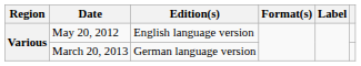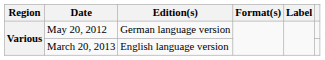 <table class="wikitable plainrowheaders">
 <tr>
 <th scope="col">Region</th>
 <th scope="col">Date</th>
 <th scope="col">Edition(s)</th>
 <th scope="col">Format(s)</th>
 <th scope="col">Label</th>
 <th scope="col"></th>
 </tr>
 <tr>
 <th rowspan="2" scope="row">Various</th>
 <td>May 20, 2012</td>
-<td>English language version</td>
+<td>German language version</td>
 <td rowspan="2"></td>
 <td rowspan="2"></td>
 <td style="text-align:center;"></td>
 </tr>
 <tr>
 <td>March 20, 2013</td>
-<td>German language version</td>
+<td>English language version</td>
 <td style="text-align:center;"></td>
 </tr>
 </table>
